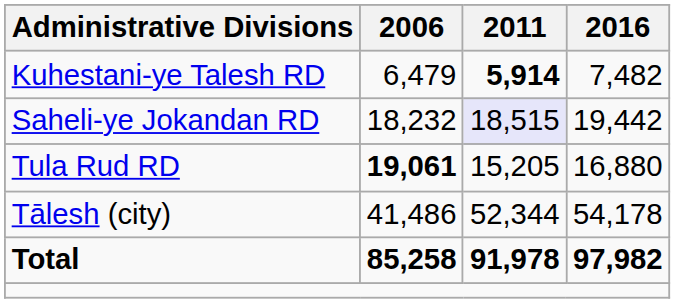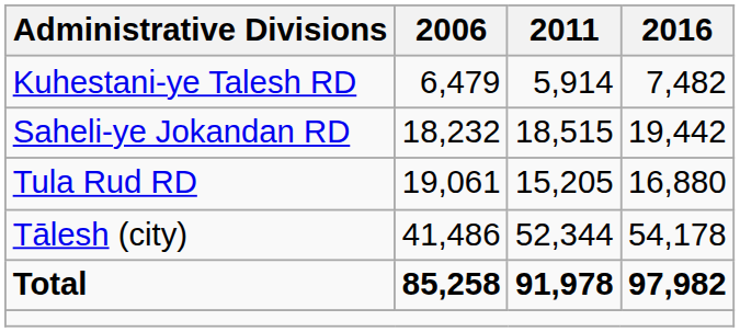 <table class="wikitable">
 <tr>
 <th>Administrative Divisions</th>
 <th>2006</th>
 <th>2011</th>
 <th>2016</th>
 </tr>
 <tr>
 <td><a href='#'>Kuhestani-ye Talesh RD</a></td>
 <td style="text-align: right;">6,479</td>
-<td style="text-align: right;"><strong>5,914</strong></td>
+<td style="text-align: right;">5,914</td>
 <td style="text-align: right;">7,482</td>
 </tr>
 <tr>
 <td><a href='#'>Saheli-ye Jokandan RD</a></td>
 <td style="text-align: right;">18,232</td>
-<td style="background: lavender; text-align: right;">18,515</td>
+<td style="text-align: right;">18,515</td>
 <td style="text-align: right;">19,442</td>
 </tr>
 <tr>
 <td><a href='#'>Tula Rud RD</a></td>
-<td style="text-align: right;"><strong>19,061</strong></td>
+<td style="text-align: right;">19,061</td>
 <td style="text-align: right;">15,205</td>
 <td style="text-align: right;">16,880</td>
 </tr>
 <tr>
 <td><a href='#'>Tālesh</a> (city)</td>
 <td style="text-align: right;">41,486</td>
 <td style="text-align: right;">52,344</td>
 <td style="text-align: right;">54,178</td>
 </tr>
 <tr>
 <td><strong>Total</strong></td>
 <td style="text-align: right;"><strong>85,258</strong></td>
 <td style="text-align: right;"><strong>91,978</strong></td>
 <td style="text-align: right;"><strong>97,982</strong></td>
 </tr>
 <tr>
 <td colspan=4></td>
 </tr>
 </table>
